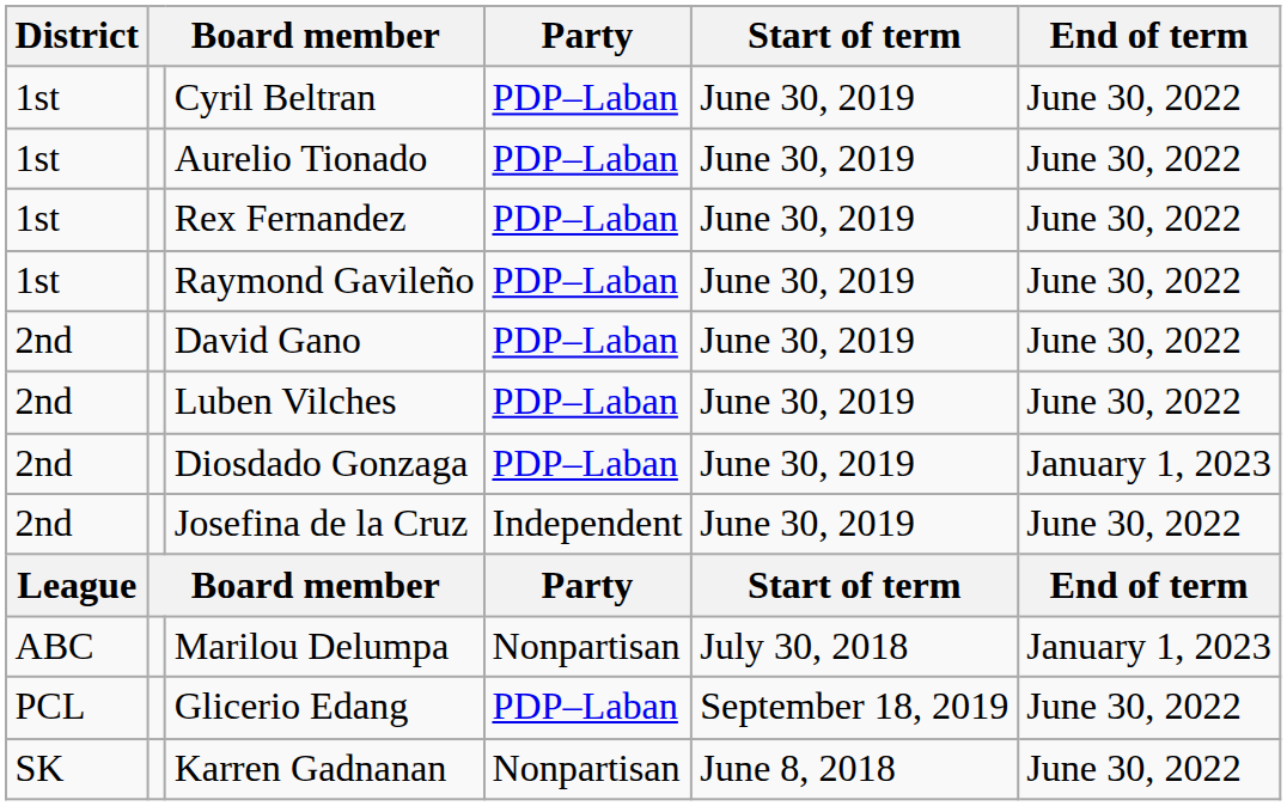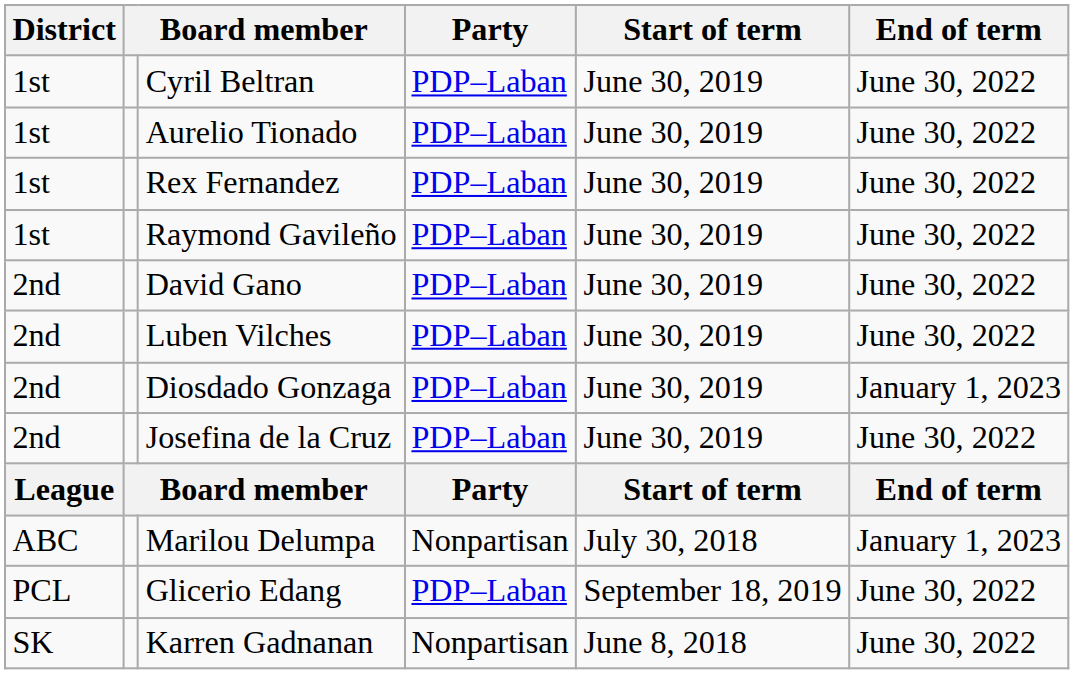 <table class="wikitable">
 <tr>
 <th>District</th>
 <th colspan="2">Board member</th>
 <th>Party</th>
 <th>Start of term</th>
 <th>End of term</th>
 </tr>
 <tr>
 <td>1st</td>
 <td></td>
 <td>Cyril Beltran</td>
 <td><a href='#'>PDP–Laban</a></td>
 <td>June 30, 2019</td>
 <td>June 30, 2022</td>
 </tr>
 <tr>
 <td>1st</td>
 <td></td>
 <td>Aurelio Tionado</td>
 <td><a href='#'>PDP–Laban</a></td>
 <td>June 30, 2019</td>
 <td>June 30, 2022</td>
 </tr>
 <tr>
 <td>1st</td>
 <td></td>
 <td>Rex Fernandez</td>
 <td><a href='#'>PDP–Laban</a></td>
 <td>June 30, 2019</td>
 <td>June 30, 2022</td>
 </tr>
 <tr>
 <td>1st</td>
 <td></td>
 <td>Raymond Gavileño</td>
 <td><a href='#'>PDP–Laban</a></td>
 <td>June 30, 2019</td>
 <td>June 30, 2022</td>
 </tr>
 <tr>
 <td>2nd</td>
 <td></td>
 <td>David Gano</td>
 <td><a href='#'>PDP–Laban</a></td>
 <td>June 30, 2019</td>
 <td>June 30, 2022</td>
 </tr>
 <tr>
 <td>2nd</td>
 <td></td>
 <td>Luben Vilches</td>
 <td><a href='#'>PDP–Laban</a></td>
 <td>June 30, 2019</td>
 <td>June 30, 2022</td>
 </tr>
 <tr>
 <td>2nd</td>
 <td></td>
 <td>Diosdado Gonzaga</td>
 <td><a href='#'>PDP–Laban</a></td>
 <td>June 30, 2019</td>
 <td>January 1, 2023</td>
 </tr>
 <tr>
 <td>2nd</td>
 <td></td>
 <td>Josefina de la Cruz</td>
-<td>Independent</td>
+<td><a href='#'>PDP–Laban</a></td>
 <td>June 30, 2019</td>
 <td>June 30, 2022</td>
 </tr>
 <tr>
 <th>League</th>
 <th colspan="2">Board member</th>
 <th>Party</th>
 <th>Start of term</th>
 <th>End of term</th>
 </tr>
 <tr>
 <td>ABC</td>
 <td></td>
 <td>Marilou Delumpa</td>
 <td>Nonpartisan</td>
 <td>July 30, 2018</td>
 <td>January 1, 2023</td>
 </tr>
 <tr>
 <td>PCL</td>
 <td></td>
 <td>Glicerio Edang</td>
 <td><a href='#'>PDP–Laban</a></td>
 <td>September 18, 2019</td>
 <td>June 30, 2022</td>
 </tr>
 <tr>
 <td>SK</td>
 <td></td>
 <td>Karren Gadnanan</td>
 <td>Nonpartisan</td>
 <td>June 8, 2018</td>
 <td>June 30, 2022</td>
 </tr>
 </table>
